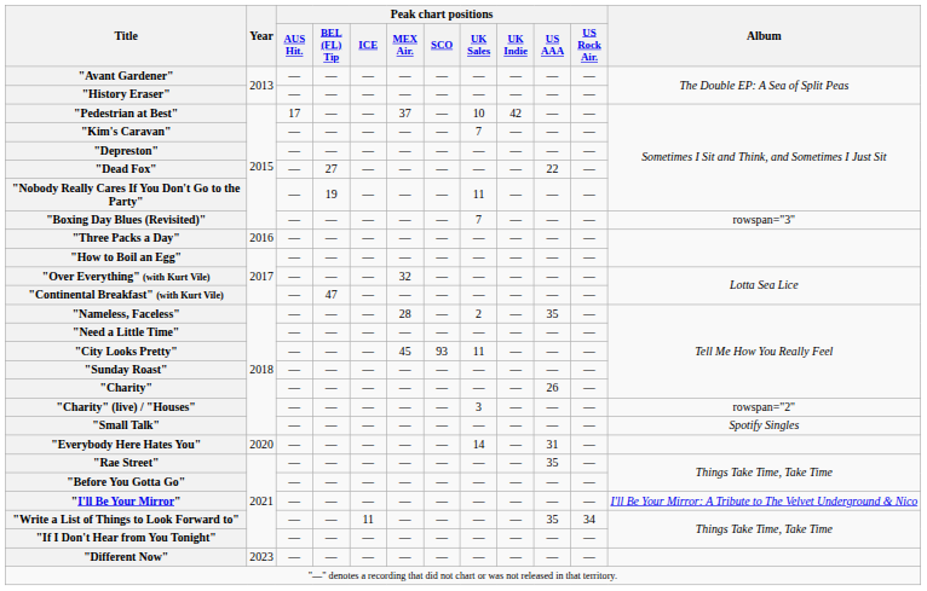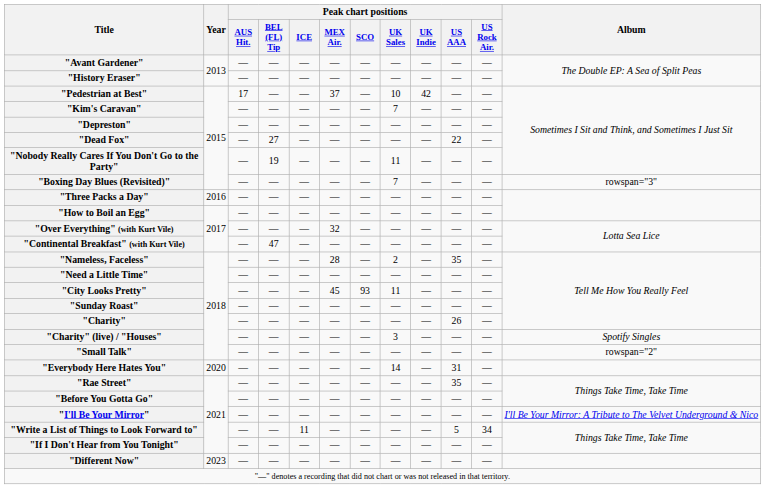 <table class="wikitable plainrowheaders" style="text-align:center;">
 <tr>
 <th scope="col" rowspan="2" style="width:20em;">Title</th>
 <th scope="col" rowspan="2">Year</th>
 <th scope="col" colspan="9">Peak chart positions</th>
 <th scope="col" rowspan="2">Album</th>
 </tr>
 <tr>
 <th scope="col" style="width:3em;font-size:90%;"><a href='#'>AUS<br>Hit.</a><br></th>
 <th scope="col" style="width:3em;font-size:90%;"><a href='#'>BEL<br>(FL)<br>Tip</a><br></th>
 <th scope="col" style="width:3em;font-size:90%;"><a href='#'>ICE</a><br></th>
 <th scope="col" style="width:3em;font-size:90%;"><a href='#'>MEX<br>Air.</a><br></th>
 <th scope="col" style="width:3em;font-size:90%;"><a href='#'>SCO</a><br></th>
 <th scope="col" style="width:3em;font-size:90%;"><a href='#'>UK<br>Sales</a><br></th>
 <th scope="col" style="width:3em;font-size:90%;"><a href='#'>UK<br>Indie</a><br></th>
 <th scope="col" style="width:3em;font-size:90%;"><a href='#'>US<br>AAA</a><br></th>
 <th scope="col" style="width:3em;font-size:90%;"><a href='#'>US<br>Rock<br>Air.</a><br></th>
 </tr>
 <tr>
 <th scope="row">"Avant Gardener"</th>
 <td rowspan="2">2013</td>
 <td>—</td>
 <td>—</td>
 <td>—</td>
 <td>—</td>
 <td>—</td>
 <td>—</td>
 <td>—</td>
 <td>—</td>
 <td>—</td>
 <td rowspan="2"><em>The Double EP: A Sea of Split Peas</em></td>
 </tr>
 <tr>
 <th scope="row">"History Eraser"</th>
 <td>—</td>
 <td>—</td>
 <td>—</td>
 <td>—</td>
 <td>—</td>
 <td>—</td>
 <td>—</td>
 <td>—</td>
 <td>—</td>
 </tr>
 <tr>
 <th scope="row">"Pedestrian at Best"</th>
 <td rowspan="6">2015</td>
 <td>17</td>
 <td>—</td>
 <td>—</td>
 <td>37</td>
 <td>—</td>
 <td>10</td>
 <td>42</td>
 <td>—</td>
 <td>—</td>
 <td rowspan="5"><em>Sometimes I Sit and Think, and Sometimes I Just Sit</em></td>
 </tr>
 <tr>
 <th scope="row">"Kim's Caravan"</th>
 <td>—</td>
 <td>—</td>
 <td>—</td>
 <td>—</td>
 <td>—</td>
 <td>7</td>
 <td>—</td>
 <td>—</td>
 <td>—</td>
 </tr>
 <tr>
 <th scope="row">"Depreston"</th>
 <td>—</td>
 <td>—</td>
 <td>—</td>
 <td>—</td>
 <td>—</td>
 <td>—</td>
 <td>—</td>
 <td>—</td>
 <td>—</td>
 </tr>
 <tr>
 <th scope="row">"Dead Fox"</th>
 <td>—</td>
 <td>27</td>
 <td>—</td>
 <td>—</td>
 <td>—</td>
 <td>—</td>
 <td>—</td>
 <td>22</td>
 <td>—</td>
 </tr>
 <tr>
 <th scope="row">"Nobody Really Cares If You Don't Go to the Party"</th>
 <td>—</td>
 <td>19</td>
 <td>—</td>
 <td>—</td>
 <td>—</td>
 <td>11</td>
 <td>—</td>
 <td>—</td>
 <td>—</td>
 </tr>
 <tr>
 <th scope="row">"Boxing Day Blues (Revisited)"</th>
 <td>—</td>
 <td>—</td>
 <td>—</td>
 <td>—</td>
 <td>—</td>
 <td>7</td>
 <td>—</td>
 <td>—</td>
 <td>—</td>
 <td>rowspan="3" </td>
 </tr>
 <tr>
 <th scope="row">"Three Packs a Day"</th>
 <td>2016</td>
 <td>—</td>
 <td>—</td>
 <td>—</td>
 <td>—</td>
 <td>—</td>
 <td>—</td>
 <td>—</td>
 <td>—</td>
 <td>—</td>
 </tr>
 <tr>
 <th scope="row">"How to Boil an Egg"</th>
 <td rowspan="3">2017</td>
 <td>—</td>
 <td>—</td>
 <td>—</td>
 <td>—</td>
 <td>—</td>
 <td>—</td>
 <td>—</td>
 <td>—</td>
 <td>—</td>
 </tr>
 <tr>
 <th scope="row">"Over Everything" <small>(with Kurt Vile)</small></th>
 <td>—</td>
 <td>—</td>
 <td>—</td>
 <td>32</td>
 <td>—</td>
 <td>—</td>
 <td>—</td>
 <td>—</td>
 <td>—</td>
 <td rowspan="2"><em>Lotta Sea Lice</em></td>
 </tr>
 <tr>
 <th scope="row">"Continental Breakfast" <small>(with Kurt Vile)</small></th>
 <td>—</td>
 <td>47</td>
 <td>—</td>
 <td>—</td>
 <td>—</td>
 <td>—</td>
 <td>—</td>
 <td>—</td>
 <td>—</td>
 </tr>
 <tr>
 <th scope="row">"Nameless, Faceless"</th>
 <td rowspan="7">2018</td>
 <td>—</td>
 <td>—</td>
 <td>—</td>
 <td>28</td>
 <td>—</td>
 <td>2</td>
 <td>—</td>
 <td>35</td>
 <td>—</td>
 <td rowspan="5"><em>Tell Me How You Really Feel</em></td>
 </tr>
 <tr>
 <th scope="row">"Need a Little Time"</th>
 <td>—</td>
 <td>—</td>
 <td>—</td>
 <td>—</td>
 <td>—</td>
 <td>—</td>
 <td>—</td>
 <td>—</td>
 <td>—</td>
 </tr>
 <tr>
 <th scope="row">"City Looks Pretty"</th>
 <td>—</td>
 <td>—</td>
 <td>—</td>
 <td>45</td>
 <td>93</td>
 <td>11</td>
 <td>—</td>
 <td>—</td>
 <td>—</td>
 </tr>
 <tr>
 <th scope="row">"Sunday Roast"</th>
 <td>—</td>
 <td>—</td>
 <td>—</td>
 <td>—</td>
 <td>—</td>
 <td>—</td>
 <td>—</td>
 <td>—</td>
 <td>—</td>
 </tr>
 <tr>
 <th scope="row">"Charity"</th>
 <td>—</td>
 <td>—</td>
 <td>—</td>
 <td>—</td>
 <td>—</td>
 <td>—</td>
 <td>—</td>
 <td>26</td>
 <td>—</td>
 </tr>
 <tr>
 <th scope="row">"Charity" (live) / "Houses"</th>
 <td>—</td>
 <td>—</td>
 <td>—</td>
 <td>—</td>
 <td>—</td>
 <td>3</td>
 <td>—</td>
 <td>—</td>
 <td>—</td>
-<td>rowspan="2" </td>
+<td><em>Spotify Singles</em></td>
 </tr>
 <tr>
 <th scope="row">"Small Talk"</th>
 <td>—</td>
 <td>—</td>
 <td>—</td>
 <td>—</td>
 <td>—</td>
 <td>—</td>
 <td>—</td>
 <td>—</td>
 <td>—</td>
-<td><em>Spotify Singles</em></td>
+<td>rowspan="2" </td>
 </tr>
 <tr>
 <th scope="row">"Everybody Here Hates You"</th>
 <td>2020</td>
 <td>—</td>
 <td>—</td>
 <td>—</td>
 <td>—</td>
 <td>—</td>
 <td>14</td>
 <td>—</td>
 <td>31</td>
 <td>—</td>
 </tr>
 <tr>
 <th scope="row">"Rae Street"</th>
 <td rowspan="5">2021</td>
 <td>—</td>
 <td>—</td>
 <td>—</td>
 <td>—</td>
 <td>—</td>
 <td>—</td>
 <td>—</td>
 <td>35</td>
 <td>—</td>
 <td rowspan="2"><em>Things Take Time, Take Time</em></td>
 </tr>
 <tr>
 <th scope="row">"Before You Gotta Go"</th>
 <td>—</td>
 <td>—</td>
 <td>—</td>
 <td>—</td>
 <td>—</td>
 <td>—</td>
 <td>—</td>
 <td>—</td>
 <td>—</td>
 </tr>
 <tr>
 <th scope="row">"<a href='#'>I'll Be Your Mirror</a>"</th>
 <td>—</td>
 <td>—</td>
 <td>—</td>
 <td>—</td>
 <td>—</td>
 <td>—</td>
 <td>—</td>
 <td>—</td>
 <td>—</td>
 <td><em><a href='#'>I'll Be Your Mirror: A Tribute to The Velvet Underground & Nico</a></em></td>
 </tr>
 <tr>
 <th scope="row">"Write a List of Things to Look Forward to"</th>
 <td>—</td>
 <td>—</td>
 <td>11</td>
 <td>—</td>
 <td>—</td>
 <td>—</td>
 <td>—</td>
-<td>35</td>
+<td>5</td>
 <td>34</td>
 <td rowspan="2"><em>Things Take Time, Take Time</em></td>
 </tr>
 <tr>
 <th scope="row">"If I Don't Hear from You Tonight"</th>
 <td>—</td>
 <td>—</td>
 <td>—</td>
 <td>—</td>
 <td>—</td>
 <td>—</td>
 <td>—</td>
 <td>—</td>
 <td>—</td>
 </tr>
 <tr>
 <th scope="row">"Different Now"</th>
 <td>2023</td>
 <td>—</td>
 <td>—</td>
 <td>—</td>
 <td>—</td>
 <td>—</td>
 <td>—</td>
 <td>—</td>
 <td>—</td>
 <td>—</td>
 <td></td>
 </tr>
 <tr>
 <td colspan="12"><small>"—" denotes a recording that did not chart or was not released in that territory.</small></td>
 </tr>
 </table>
